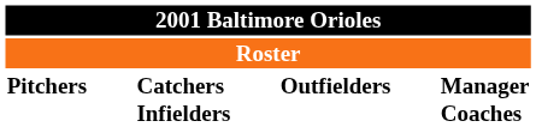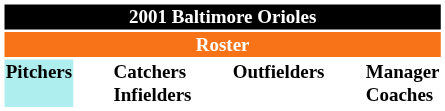 <table class="toccolours" style="font-size: 95%;">
 <tr>
 <th colspan="10" style="background-color: black; color: #FFFFFF; text-align: center;">2001 Baltimore Orioles</th>
 </tr>
 <tr>
 <td colspan="10" style="background-color: #F87217; color: white; text-align: center;"><strong>Roster</strong></td>
 </tr>
 <tr>
-<td valign="top"><strong>Pitchers</strong><br>                     </td>
+<td valign="top" style="background: paleturquoise;"><strong>Pitchers</strong><br>                     </td>
 <td width="25px"></td>
 <td valign="top"><strong>Catchers</strong><br>    <strong>Infielders</strong>       </td>
 <td width="25px"></td>
 <td valign="top"><strong>Outfielders</strong><br>            </td>
 <td width="25px"></td>
 <td valign="top"><strong>Manager</strong><br> <strong>Coaches</strong>      </td>
 </tr>
 </table>
